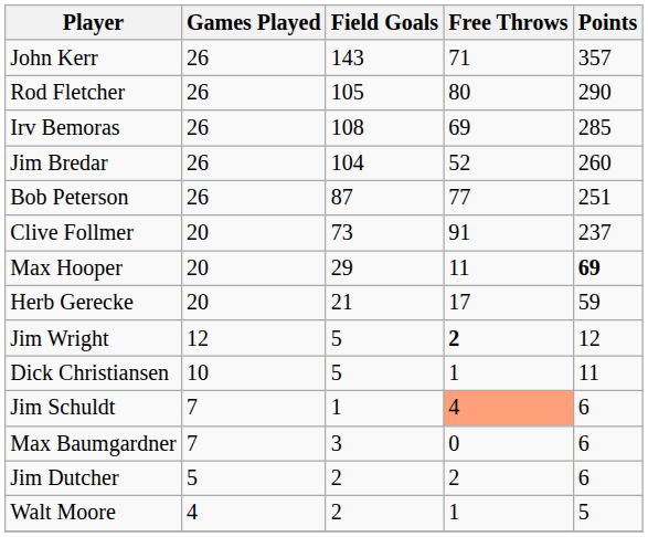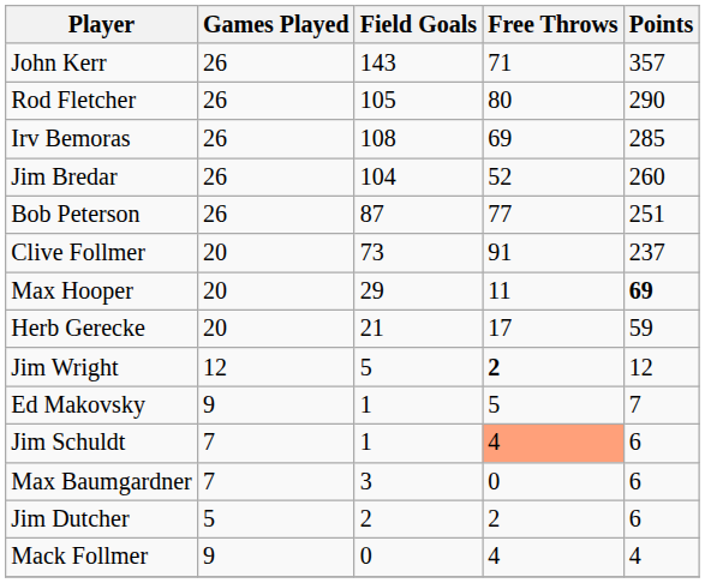 <table class="wikitable sortable">
 <tr>
 <th>Player</th>
 <th>Games Played</th>
 <th>Field Goals</th>
 <th>Free Throws</th>
 <th>Points</th>
 </tr>
 <tr>
 <td>John Kerr</td>
 <td>26</td>
 <td>143</td>
 <td>71</td>
 <td>357</td>
 </tr>
 <tr>
 <td>Rod Fletcher</td>
 <td>26</td>
 <td>105</td>
 <td>80</td>
 <td>290</td>
 </tr>
 <tr>
 <td>Irv Bemoras</td>
 <td>26</td>
 <td>108</td>
 <td>69</td>
 <td>285</td>
 </tr>
 <tr>
 <td>Jim Bredar</td>
 <td>26</td>
 <td>104</td>
 <td>52</td>
 <td>260</td>
 </tr>
 <tr>
 <td>Bob Peterson</td>
 <td>26</td>
 <td>87</td>
 <td>77</td>
 <td>251</td>
 </tr>
 <tr>
 <td>Clive Follmer</td>
 <td>20</td>
 <td>73</td>
 <td>91</td>
 <td>237</td>
 </tr>
 <tr>
 <td>Max Hooper</td>
 <td>20</td>
 <td>29</td>
 <td>11</td>
 <td><strong>69</strong></td>
 </tr>
 <tr>
 <td>Herb Gerecke</td>
 <td>20</td>
 <td>21</td>
 <td>17</td>
 <td>59</td>
 </tr>
 <tr>
 <td>Jim Wright</td>
 <td>12</td>
 <td>5</td>
 <td><strong>2</strong></td>
 <td>12</td>
 </tr>
 <tr>
-<td>Dick Christiansen</td>
-<td>10</td>
+<td>Ed Makovsky</td>
+<td>9</td>
+<td>1</td>
 <td>5</td>
-<td>1</td>
-<td>11</td>
+<td>7</td>
 </tr>
 <tr>
 <td>Jim Schuldt</td>
 <td>7</td>
 <td>1</td>
 <td style="background: lightsalmon;">4</td>
 <td>6</td>
 </tr>
 <tr>
 <td>Max Baumgardner</td>
 <td>7</td>
 <td>3</td>
 <td>0</td>
 <td>6</td>
 </tr>
 <tr>
 <td>Jim Dutcher</td>
 <td>5</td>
 <td>2</td>
 <td>2</td>
 <td>6</td>
 </tr>
 <tr>
-<td>Walt Moore</td>
+<td>Mack Follmer</td>
+<td>9</td>
+<td>0</td>
 <td>4</td>
-<td>2</td>
-<td>1</td>
-<td>5</td>
+<td>4</td>
 </tr>
 <tr>
 </tr>
 </table>
